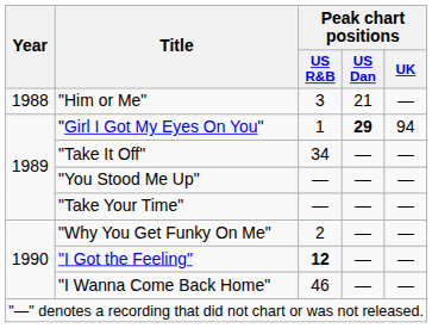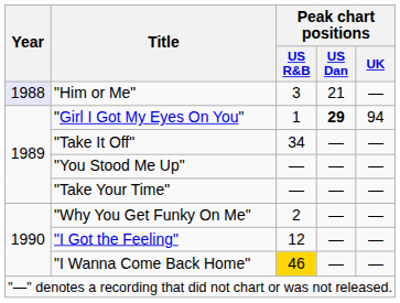 <table class="wikitable" style="text-align:center;">
 <tr>
 <th rowspan="2">Year</th>
 <th rowspan="2">Title</th>
 <th colspan="3">Peak chart positions</th>
 </tr>
 <tr style="font-size:smaller;">
 <th width="35"><a href='#'>US<br>R&B</a><br></th>
 <th width="35"><a href='#'>US<br>Dan</a><br></th>
 <th width="35"><a href='#'>UK</a><br></th>
 </tr>
 <tr>
-<td rowspan="1">1988</td>
+<td rowspan="1" style="background: lavender;">1988</td>
 <td align="left">"Him or Me"</td>
 <td>3</td>
 <td>21</td>
 <td>—</td>
 </tr>
 <tr>
 <td rowspan="4">1989</td>
 <td align="left">"<a href='#'>Girl I Got My Eyes On You</a>"</td>
 <td>1</td>
 <td><strong>29</strong></td>
 <td>94</td>
 </tr>
 <tr>
 <td align="left">"Take It Off"</td>
 <td>34</td>
 <td>—</td>
 <td>—</td>
 </tr>
 <tr>
 <td align="left">"You Stood Me Up"</td>
 <td>—</td>
 <td>—</td>
 <td>—</td>
 </tr>
 <tr>
 <td align="left">"Take Your Time"</td>
 <td>—</td>
 <td>—</td>
 <td>—</td>
 </tr>
 <tr>
 <td rowspan="3">1990</td>
 <td align="left">"Why You Get Funky On Me"</td>
 <td>2</td>
 <td>—</td>
 <td>—</td>
 </tr>
 <tr>
 <td align="left"><a href='#'>"I Got the Feeling"</a></td>
-<td><strong>12</strong></td>
+<td>12</td>
 <td>—</td>
 <td>—</td>
 </tr>
 <tr>
 <td align="left">"I Wanna Come Back Home"</td>
-<td>46</td>
+<td style="background: gold;">46</td>
 <td>—</td>
 <td>—</td>
 </tr>
 <tr>
 <td colspan="15" style="font-size:90%">"—" denotes a recording that did not chart or was not released.</td>
 </tr>
 </table>
